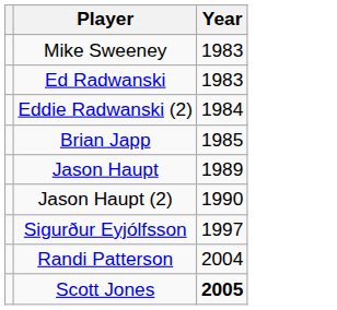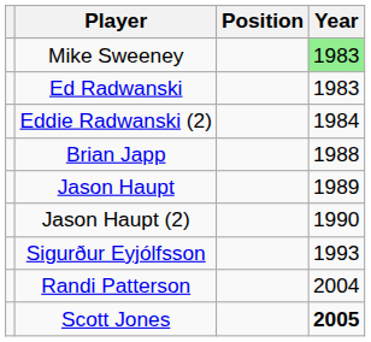 <table class="wikitable sortable" border="1">
 <tr align="center">
 <th></th>
 <th>Player</th>
+<th>Position</th>
 <th>Year</th>
 </tr>
 <tr style="text-align:center;">
 <td></td>
 <td>Mike Sweeney</td>
-<td>1983</td>
+<td></td>
+<td style="background: lightgreen;">1983</td>
 </tr>
 <tr style="text-align:center;">
 <td></td>
 <td><a href='#'>Ed Radwanski</a></td>
+<td></td>
 <td>1983</td>
 </tr>
 <tr style="text-align:center;">
 <td></td>
 <td><a href='#'>Eddie Radwanski</a> (2)</td>
+<td></td>
 <td>1984</td>
 </tr>
 <tr style="text-align:center;">
 <td></td>
 <td><a href='#'>Brian Japp</a></td>
-<td>1985</td>
+<td></td>
+<td>1988</td>
 </tr>
 <tr style="text-align:center;">
 <td></td>
 <td><a href='#'>Jason Haupt</a></td>
+<td></td>
 <td>1989</td>
 </tr>
 <tr style="text-align:center;">
 <td></td>
 <td>Jason Haupt (2)</td>
+<td></td>
 <td>1990</td>
 </tr>
 <tr style="text-align:center;">
 <td></td>
 <td><a href='#'>Sigurður Eyjólfsson</a></td>
-<td>1997</td>
+<td></td>
+<td>1993</td>
 </tr>
 <tr style="text-align:center;">
 <td></td>
 <td><a href='#'>Randi Patterson</a></td>
+<td></td>
 <td>2004</td>
 </tr>
 <tr style="text-align:center;">
 <td></td>
 <td><a href='#'>Scott Jones</a></td>
+<td></td>
 <td><strong>2005</strong></td>
 </tr>
 </table>
